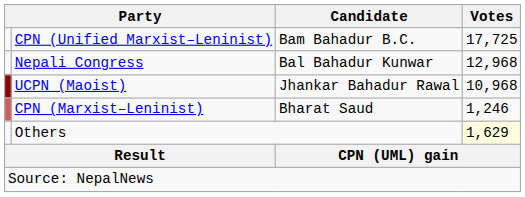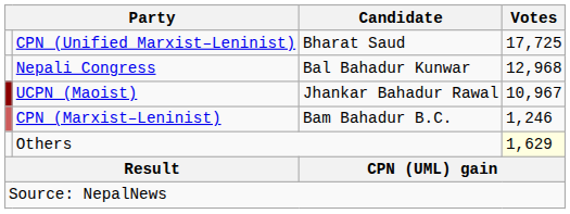 <table class="wikitable">
 <tr>
 <th colspan="2">Party</th>
 <th>Candidate</th>
 <th>Votes</th>
 </tr>
 <tr>
 <td style="background-color:"></td>
 <td><a href='#'>CPN (Unified Marxist–Leninist)</a></td>
-<td>Bam Bahadur B.C.</td>
+<td>Bharat Saud</td>
 <td>17,725</td>
 </tr>
 <tr>
 <td style="background-color:"></td>
 <td><a href='#'>Nepali Congress</a></td>
 <td>Bal Bahadur Kunwar</td>
 <td>12,968</td>
 </tr>
 <tr>
 <td style="background-color:darkred"></td>
 <td><a href='#'>UCPN (Maoist)</a></td>
 <td>Jhankar Bahadur Rawal</td>
-<td>10,968</td>
+<td>10,967</td>
 </tr>
 <tr>
 <td style="background-color:indianred"></td>
 <td><a href='#'>CPN (Marxist–Leninist)</a></td>
-<td>Bharat Saud</td>
+<td>Bam Bahadur B.C.</td>
 <td>1,246</td>
 </tr>
 <tr>
 <td></td>
 <td colspan="2">Others</td>
 <td style="background: lightyellow;">1,629</td>
 </tr>
 <tr>
 <th colspan="2">Result</th>
 <th colspan="2">CPN (UML) gain</th>
 </tr>
 <tr>
 <td colspan="4">Source: NepalNews</td>
 </tr>
 </table>
